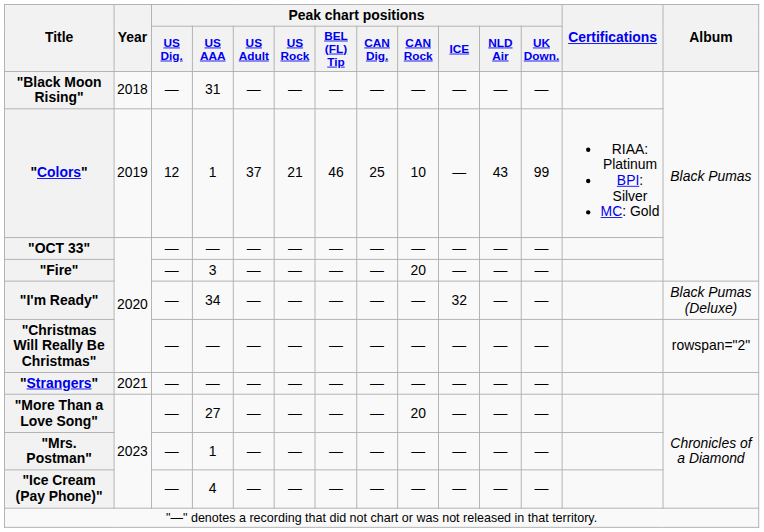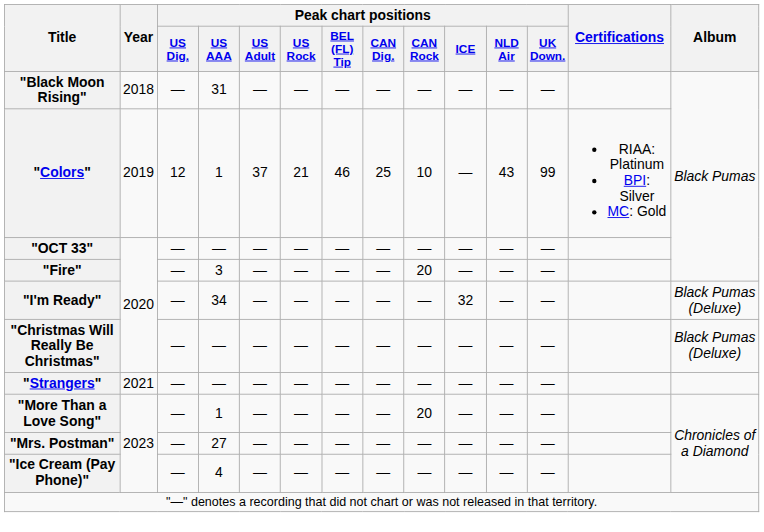 <table class="wikitable plainrowheaders" style="text-align:center;">
 <tr>
 <th scope="col" rowspan="2">Title</th>
 <th scope="col" rowspan="2">Year</th>
 <th scope="col" colspan="10">Peak chart positions</th>
 <th rowspan="2"><a href='#'>Certifications</a></th>
 <th scope="col" rowspan="2">Album</th>
 </tr>
 <tr>
 <th scope="col" style="width:3em;font-size:85%;"><a href='#'>US<br>Dig.</a><br></th>
 <th scope="col" style="width:3em;font-size:85%;"><a href='#'>US<br>AAA</a><br></th>
 <th scope="col" style="width:3em;font-size:85%;"><a href='#'>US<br>Adult</a><br></th>
 <th scope="col" style="width:3em;font-size:85%;"><a href='#'>US<br>Rock</a><br></th>
 <th scope="col" style="width:3em;font-size:85%;"><a href='#'>BEL<br>(FL)<br>Tip</a><br></th>
 <th scope="col" style="width:3em;font-size:85%;"><a href='#'>CAN<br>Dig.</a><br></th>
 <th scope="col" style="width:3em;font-size:85%;"><a href='#'>CAN<br>Rock</a><br></th>
 <th scope="col" style="width:3em;font-size:85%;"><a href='#'>ICE</a><br></th>
 <th scope="col" style="width:3em;font-size:85%;"><a href='#'>NLD<br>Air</a><br></th>
 <th scope="col" style="width:3em;font-size:85%;"><a href='#'>UK<br>Down.</a><br></th>
 </tr>
 <tr>
 <th scope="row">"Black Moon Rising"</th>
 <td>2018</td>
 <td>—</td>
 <td>31</td>
 <td>—</td>
 <td>—</td>
 <td>—</td>
 <td>—</td>
 <td>—</td>
 <td>—</td>
 <td>—</td>
 <td>—</td>
 <td></td>
 <td rowspan="4"><em>Black Pumas</em></td>
 </tr>
 <tr>
 <th scope="row">"<a href='#'>Colors</a>"</th>
 <td>2019</td>
 <td>12</td>
 <td>1</td>
 <td>37</td>
 <td>21</td>
 <td>46</td>
 <td>25</td>
 <td>10</td>
 <td>—</td>
 <td>43</td>
 <td>99</td>
 <td><br><ul><li>RIAA: Platinum</li><li><a href='#'>BPI</a>: Silver</li><li><a href='#'>MC</a>: Gold</li></ul></td>
 </tr>
 <tr>
 <th scope="row">"OCT 33"</th>
 <td rowspan="4">2020</td>
 <td>—</td>
 <td>—</td>
 <td>—</td>
 <td>—</td>
 <td>—</td>
 <td>—</td>
 <td>—</td>
 <td>—</td>
 <td>—</td>
 <td>—</td>
 <td></td>
 </tr>
 <tr>
 <th scope="row">"Fire"</th>
 <td>—</td>
 <td>3</td>
 <td>—</td>
 <td>—</td>
 <td>—</td>
 <td>—</td>
 <td>20</td>
 <td>—</td>
 <td>—</td>
 <td>—</td>
 <td></td>
 </tr>
 <tr>
 <th scope="row">"I'm Ready"</th>
 <td>—</td>
 <td>34</td>
 <td>—</td>
 <td>—</td>
 <td>—</td>
 <td>—</td>
 <td>—</td>
 <td>32</td>
 <td>—</td>
 <td>—</td>
 <td></td>
 <td><em>Black Pumas (Deluxe)</em></td>
 </tr>
 <tr>
 <th scope="row">"Christmas Will Really Be Christmas"</th>
 <td>—</td>
 <td>—</td>
 <td>—</td>
 <td>—</td>
 <td>—</td>
 <td>—</td>
 <td>—</td>
 <td>—</td>
 <td>—</td>
 <td>—</td>
 <td></td>
-<td>rowspan="2" </td>
+<td><em>Black Pumas (Deluxe)</em></td>
 </tr>
 <tr>
 <th scope="row">"<a href='#'>Strangers</a>"<br></th>
 <td>2021</td>
 <td>—</td>
 <td>—</td>
 <td>—</td>
 <td>—</td>
 <td>—</td>
 <td>—</td>
 <td>—</td>
 <td>—</td>
 <td>—</td>
 <td>—</td>
 <td></td>
 </tr>
 <tr>
 <th scope="row">"More Than a Love Song"</th>
 <td rowspan="3">2023</td>
 <td>—</td>
-<td>27</td>
+<td>1</td>
 <td>—</td>
 <td>—</td>
 <td>—</td>
 <td>—</td>
 <td>20</td>
 <td>—</td>
 <td>—</td>
 <td>—</td>
 <td></td>
 <td rowspan="3"><em>Chronicles of a Diamond</em></td>
 </tr>
 <tr>
 <th scope="row">"Mrs. Postman"</th>
 <td>—</td>
-<td>1</td>
+<td>27</td>
 <td>—</td>
 <td>—</td>
 <td>—</td>
 <td>—</td>
 <td>—</td>
 <td>—</td>
 <td>—</td>
 <td>—</td>
 <td></td>
 </tr>
 <tr>
 <th scope="row">"Ice Cream (Pay Phone)"</th>
 <td>—</td>
 <td>4</td>
 <td>—</td>
 <td>—</td>
 <td>—</td>
 <td>—</td>
 <td>—</td>
 <td>—</td>
 <td>—</td>
 <td>—</td>
 <td></td>
 </tr>
 <tr>
 <td colspan="14" style="font-size:90%">"—" denotes a recording that did not chart or was not released in that territory.</td>
 </tr>
 </table>
